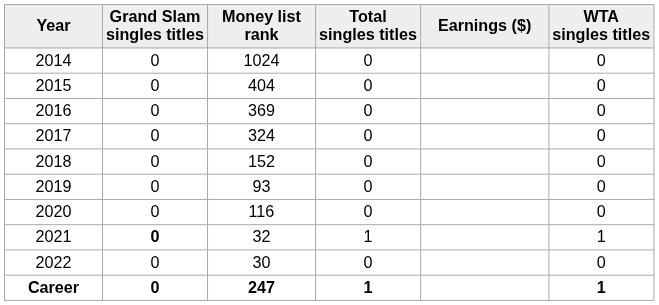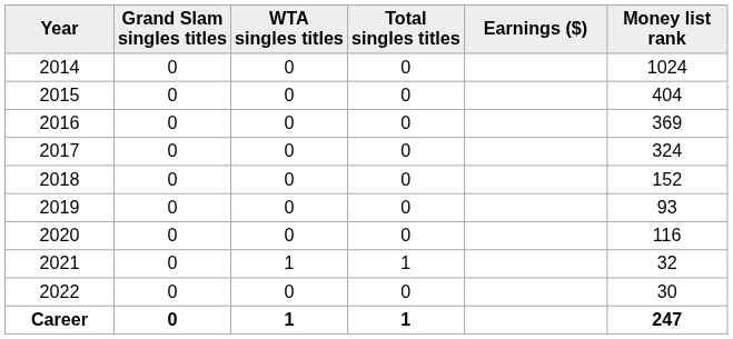 <table cellpadding="3" cellspacing="0" border="1" style="border:#aaa;solid:1px;border-collapse:collapse;text-align:center">
 <tr style="background:#eee;">
 <td width="90"><strong>Year</strong></td>
 <td><strong>Grand Slam<br>singles titles</strong></td>
-<td width="100"><strong>Money list rank</strong></td>
+<td><strong>WTA <br>singles titles</strong></td>
 <td><strong>Total<br>singles titles</strong></td>
 <td width="120"><strong>Earnings ($)</strong></td>
-<td><strong>WTA <br>singles titles</strong></td>
+<td width="100"><strong>Money list rank</strong></td>
 </tr>
 <tr>
 <td>2014</td>
 <td>0</td>
-<td>1024</td>
+<td>0</td>
 <td>0</td>
 <td align="right"></td>
-<td>0</td>
+<td>1024</td>
 </tr>
 <tr>
 <td>2015</td>
 <td>0</td>
-<td>404</td>
+<td>0</td>
 <td>0</td>
 <td align="right"></td>
-<td>0</td>
+<td>404</td>
 </tr>
 <tr>
 <td>2016</td>
 <td>0</td>
-<td>369</td>
+<td>0</td>
 <td>0</td>
 <td align="right"></td>
-<td>0</td>
+<td>369</td>
 </tr>
 <tr>
 <td>2017</td>
 <td>0</td>
-<td>324</td>
+<td>0</td>
 <td>0</td>
 <td align="right"></td>
-<td>0</td>
+<td>324</td>
 </tr>
 <tr>
 <td>2018</td>
 <td>0</td>
-<td>152</td>
+<td>0</td>
 <td>0</td>
 <td align="right"></td>
-<td>0</td>
+<td>152</td>
 </tr>
 <tr>
 <td>2019</td>
 <td>0</td>
-<td>93</td>
+<td>0</td>
 <td>0</td>
 <td align="right"></td>
-<td>0</td>
+<td>93</td>
 </tr>
 <tr>
 <td>2020</td>
 <td>0</td>
-<td>116</td>
+<td>0</td>
 <td>0</td>
 <td align="right"></td>
-<td>0</td>
+<td>116</td>
 </tr>
 <tr>
 <td>2021</td>
-<td><strong>0</strong></td>
-<td>32</td>
+<td>0</td>
+<td>1</td>
 <td>1</td>
 <td align="right"></td>
-<td>1</td>
+<td>32</td>
 </tr>
 <tr>
 <td>2022</td>
 <td>0</td>
-<td>30</td>
+<td>0</td>
 <td>0</td>
 <td align="right"></td>
-<td>0</td>
+<td>30</td>
 </tr>
 <tr style="font-weight:bold;">
 <td>Career</td>
 <td>0</td>
-<td>247</td>
+<td>1</td>
 <td>1</td>
 <td align="right"></td>
-<td>1</td>
+<td>247</td>
 </tr>
 </table>
